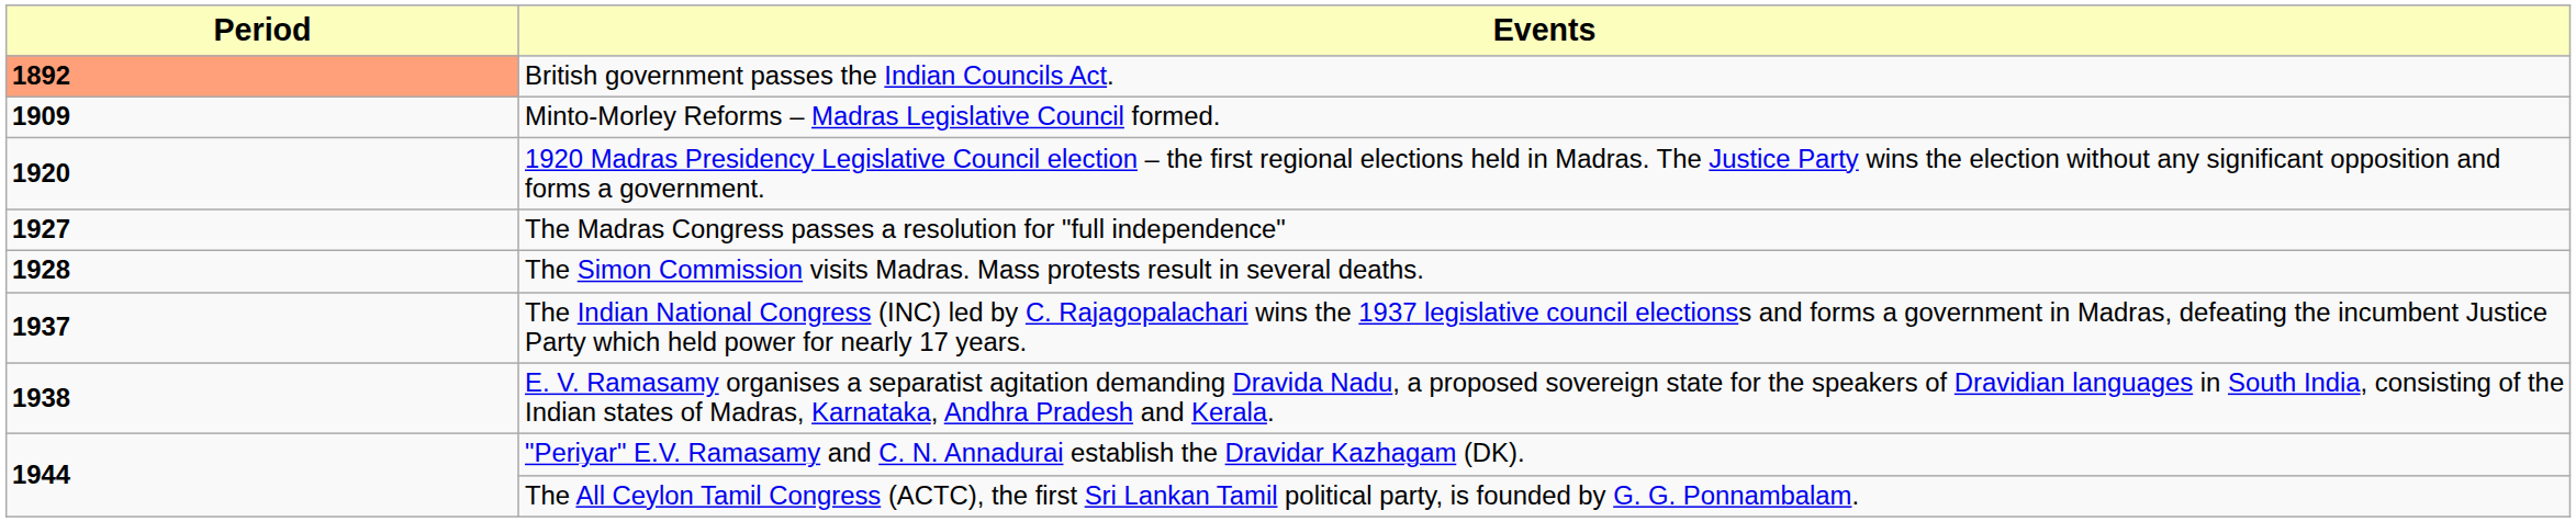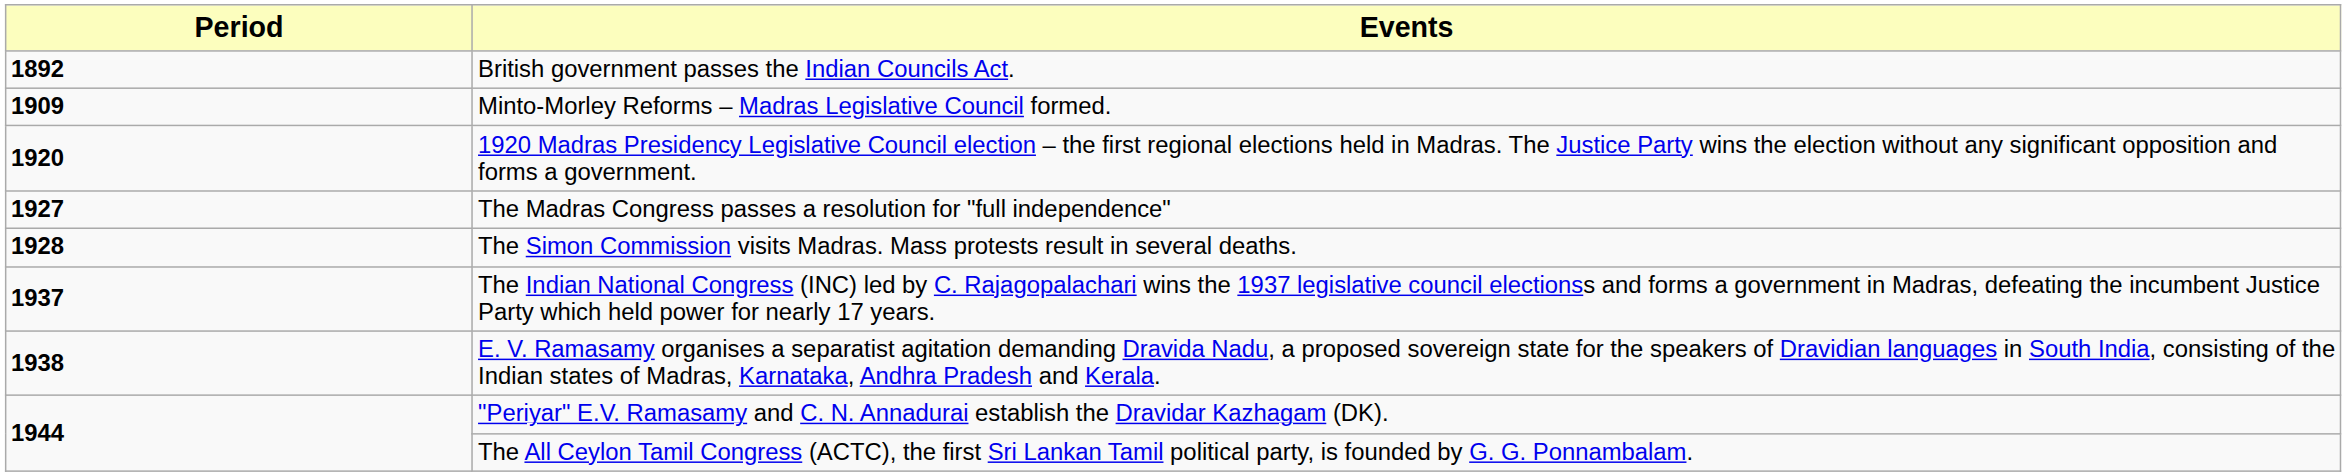 <table class="wikitable" style="text-align:left; margin: auto; width:99%">
 <tr>
 <th scope="row" style="width: 20%; text-align:center; font-size:120%; background:#fcfebe; color:#000000;">Period</th>
 <th scope="row" style="text-align:center; font-size:120%; background:#fcfebe; color:#000000;">Events</th>
 </tr>
 <tr>
-<td style="background: lightsalmon;"><strong>1892</strong></td>
+<td><strong>1892</strong></td>
 <td>British government passes the <a href='#'>Indian Councils Act</a>.</td>
 </tr>
 <tr>
 <td><strong>1909</strong></td>
 <td>Minto-Morley Reforms – <a href='#'>Madras Legislative Council</a> formed.</td>
 </tr>
 <tr>
 <td><strong>1920</strong></td>
 <td><a href='#'>1920 Madras Presidency Legislative Council election</a> – the first regional elections held in Madras. The <a href='#'>Justice Party</a> wins the election without any significant opposition and forms a government.</td>
 </tr>
 <tr>
 <td><strong>1927</strong></td>
 <td>The Madras Congress passes a resolution for "full independence"</td>
 </tr>
 <tr>
 <td><strong>1928</strong></td>
 <td>The <a href='#'>Simon Commission</a> visits Madras. Mass protests result in several deaths.</td>
 </tr>
 <tr>
 <td><strong>1937</strong></td>
 <td>The <a href='#'>Indian National Congress</a> (INC) led by <a href='#'>C. Rajagopalachari</a> wins the <a href='#'>1937 legislative council elections</a>s and forms a government in Madras, defeating the incumbent Justice Party which held power for nearly 17 years.</td>
 </tr>
 <tr>
 <td><strong>1938</strong></td>
 <td><a href='#'>E. V. Ramasamy</a> organises a separatist agitation demanding <a href='#'>Dravida Nadu</a>, a proposed sovereign state for the speakers of <a href='#'>Dravidian languages</a> in <a href='#'>South India</a>, consisting of the Indian states of Madras, <a href='#'>Karnataka</a>, <a href='#'>Andhra Pradesh</a> and <a href='#'>Kerala</a>.</td>
 </tr>
 <tr>
 <td rowspan="2"><strong>1944</strong></td>
 <td><a href='#'>"Periyar" E.V. Ramasamy</a> and <a href='#'>C. N. Annadurai</a> establish the <a href='#'>Dravidar Kazhagam</a> (DK).</td>
 </tr>
 <tr>
 <td>The <a href='#'>All Ceylon Tamil Congress</a> (ACTC), the first <a href='#'>Sri Lankan Tamil</a> political party, is founded by <a href='#'>G. G. Ponnambalam</a>.</td>
 </tr>
 </table>
